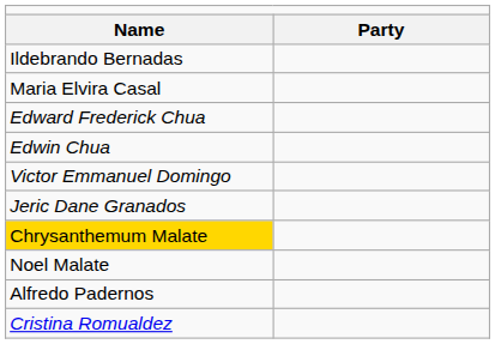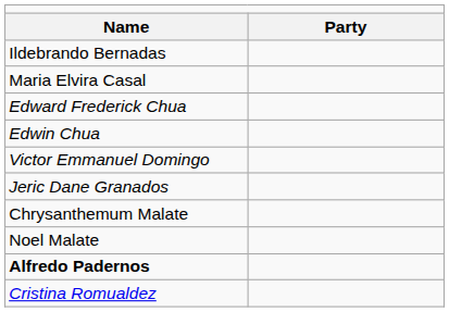 <table class="wikitable" style="font-size:90%">
 <tr>
 <td colspan="3"></td>
 </tr>
 <tr>
 <th width="200px">Name</th>
 <th colspan="2" width="160px">Party</th>
 </tr>
 <tr>
 <td>Ildebrando Bernadas</td>
 <td></td>
 </tr>
 <tr>
 <td>Maria Elvira Casal</td>
 <td></td>
 </tr>
 <tr>
 <td><em>Edward Frederick Chua</em></td>
 <td></td>
 </tr>
 <tr>
 <td><em>Edwin Chua</em></td>
 <td></td>
 </tr>
 <tr>
 <td><em>Victor Emmanuel Domingo</em></td>
 <td></td>
 </tr>
 <tr>
 <td><em>Jeric Dane Granados</em></td>
 <td></td>
 </tr>
 <tr>
-<td style="background: gold;">Chrysanthemum Malate</td>
+<td>Chrysanthemum Malate</td>
 <td></td>
 </tr>
 <tr>
 <td>Noel Malate</td>
 <td></td>
 </tr>
 <tr>
-<td>Alfredo Padernos</td>
+<td><strong>Alfredo Padernos</strong></td>
 <td></td>
 </tr>
 <tr>
 <td><em><a href='#'>Cristina Romualdez</a></em></td>
 <td></td>
 </tr>
 </table>
